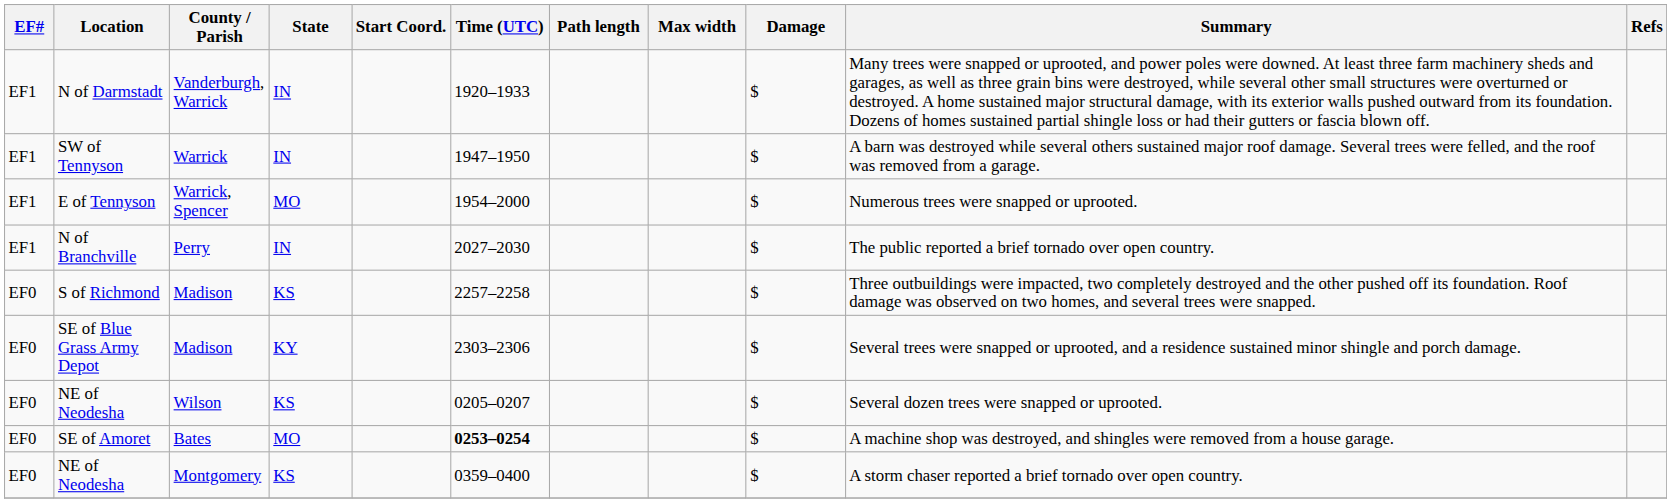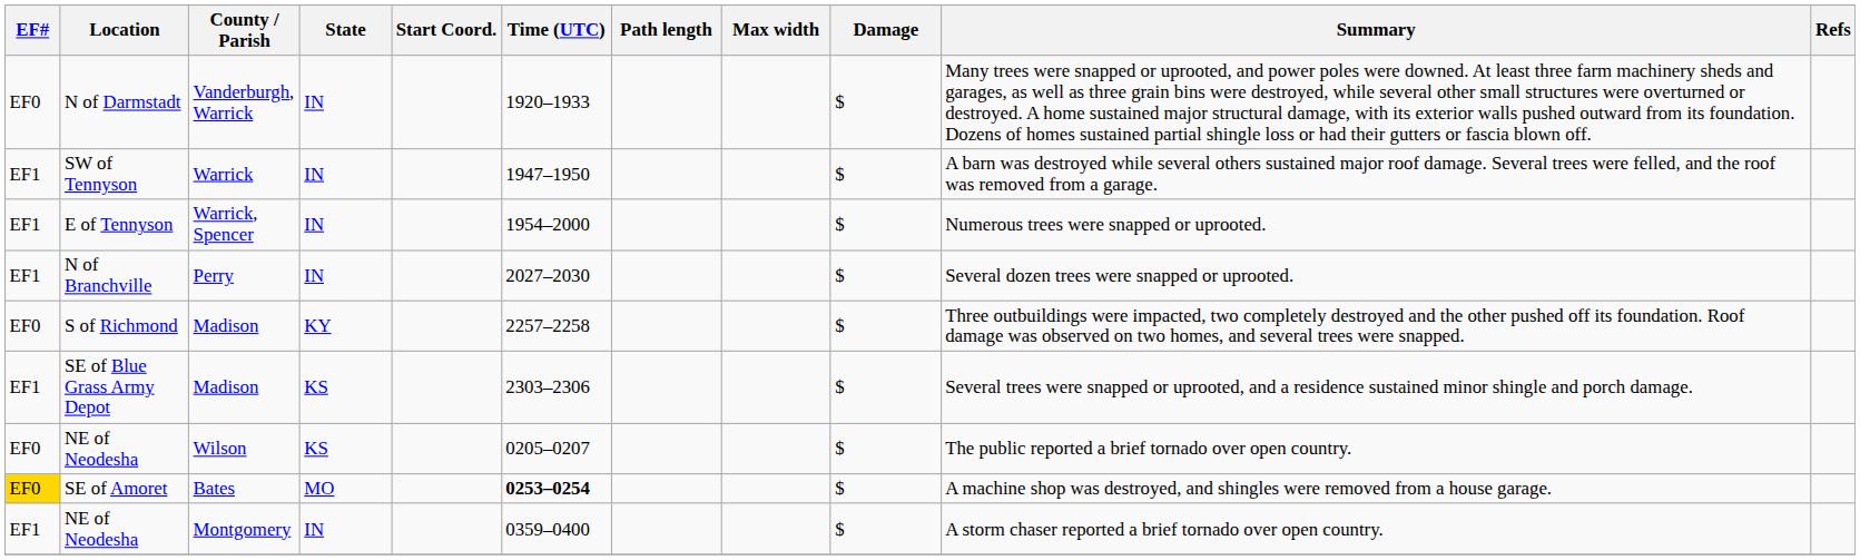 <table class="wikitable sortable" style="width:100%;">
 <tr>
 <th scope="col" width="3%" align="center"><a href='#'>EF#</a></th>
 <th scope="col" width="7%" align="center" class="unsortable">Location</th>
 <th scope="col" width="6%" align="center" class="unsortable">County / Parish</th>
 <th scope="col" width="5%" align="center">State</th>
 <th scope="col" width="6%" align="center">Start Coord.</th>
 <th scope="col" width="6%" align="center">Time (<a href='#'>UTC</a>)</th>
 <th scope="col" width="6%" align="center">Path length</th>
 <th scope="col" width="6%" align="center">Max width</th>
 <th scope="col" width="6%" align="center">Damage</th>
 <th scope="col" width="48%" class="unsortable" align="center">Summary</th>
 <th scope="col" width="48%" class="unsortable" align="center">Refs</th>
 </tr>
 <tr>
-<td>EF1</td>
+<td>EF0</td>
 <td>N of <a href='#'>Darmstadt</a></td>
 <td><a href='#'>Vanderburgh</a>, <a href='#'>Warrick</a></td>
 <td><a href='#'>IN</a></td>
 <td></td>
 <td>1920–1933</td>
 <td></td>
 <td></td>
 <td>$</td>
 <td>Many trees were snapped or uprooted, and power poles were downed. At least three farm machinery sheds and garages, as well as three grain bins were destroyed, while several other small structures were overturned or destroyed. A home sustained major structural damage, with its exterior walls pushed outward from its foundation. Dozens of homes sustained partial shingle loss or had their gutters or fascia blown off.</td>
 <td></td>
 </tr>
 <tr>
 <td>EF1</td>
 <td>SW of <a href='#'>Tennyson</a></td>
 <td><a href='#'>Warrick</a></td>
 <td><a href='#'>IN</a></td>
 <td></td>
 <td>1947–1950</td>
 <td></td>
 <td></td>
 <td>$</td>
 <td>A barn was destroyed while several others sustained major roof damage. Several trees were felled, and the roof was removed from a garage.</td>
 <td></td>
 </tr>
 <tr>
 <td>EF1</td>
 <td>E of <a href='#'>Tennyson</a></td>
 <td><a href='#'>Warrick</a>, <a href='#'>Spencer</a></td>
-<td><a href='#'>MO</a></td>
+<td><a href='#'>IN</a></td>
 <td></td>
 <td>1954–2000</td>
 <td></td>
 <td></td>
 <td>$</td>
 <td>Numerous trees were snapped or uprooted.</td>
 <td></td>
 </tr>
 <tr>
 <td>EF1</td>
 <td>N of <a href='#'>Branchville</a></td>
 <td><a href='#'>Perry</a></td>
 <td><a href='#'>IN</a></td>
 <td></td>
 <td>2027–2030</td>
 <td></td>
 <td></td>
 <td>$</td>
-<td>The public reported a brief tornado over open country.</td>
+<td>Several dozen trees were snapped or uprooted.</td>
 <td></td>
 </tr>
 <tr>
 <td>EF0</td>
 <td>S of <a href='#'>Richmond</a></td>
 <td><a href='#'>Madison</a></td>
-<td><a href='#'>KS</a></td>
+<td><a href='#'>KY</a></td>
 <td></td>
 <td>2257–2258</td>
 <td></td>
 <td></td>
 <td>$</td>
 <td>Three outbuildings were impacted, two completely destroyed and the other pushed off its foundation. Roof damage was observed on two homes, and several trees were snapped.</td>
 <td></td>
 </tr>
 <tr>
-<td>EF0</td>
+<td>EF1</td>
 <td>SE of <a href='#'>Blue Grass Army Depot</a></td>
 <td><a href='#'>Madison</a></td>
-<td><a href='#'>KY</a></td>
+<td><a href='#'>KS</a></td>
 <td></td>
 <td>2303–2306</td>
 <td></td>
 <td></td>
 <td>$</td>
 <td>Several trees were snapped or uprooted, and a residence sustained minor shingle and porch damage.</td>
 <td></td>
 </tr>
 <tr>
 <td>EF0</td>
 <td>NE of <a href='#'>Neodesha</a></td>
 <td><a href='#'>Wilson</a></td>
 <td><a href='#'>KS</a></td>
 <td></td>
 <td>0205–0207</td>
 <td></td>
 <td></td>
 <td>$</td>
-<td>Several dozen trees were snapped or uprooted.</td>
+<td>The public reported a brief tornado over open country.</td>
 <td></td>
 </tr>
 <tr>
-<td>EF0</td>
+<td style="background: gold;">EF0</td>
 <td>SE of <a href='#'>Amoret</a></td>
 <td><a href='#'>Bates</a></td>
 <td><a href='#'>MO</a></td>
 <td></td>
 <td><strong>0253–0254</strong></td>
 <td></td>
 <td></td>
 <td>$</td>
 <td>A machine shop was destroyed, and shingles were removed from a house garage.</td>
 <td></td>
 </tr>
 <tr>
-<td>EF0</td>
+<td>EF1</td>
 <td>NE of <a href='#'>Neodesha</a></td>
 <td><a href='#'>Montgomery</a></td>
-<td><a href='#'>KS</a></td>
+<td><a href='#'>IN</a></td>
 <td></td>
 <td>0359–0400</td>
 <td></td>
 <td></td>
 <td>$</td>
 <td>A storm chaser reported a brief tornado over open country.</td>
 <td></td>
 </tr>
 <tr>
 </tr>
 </table>
